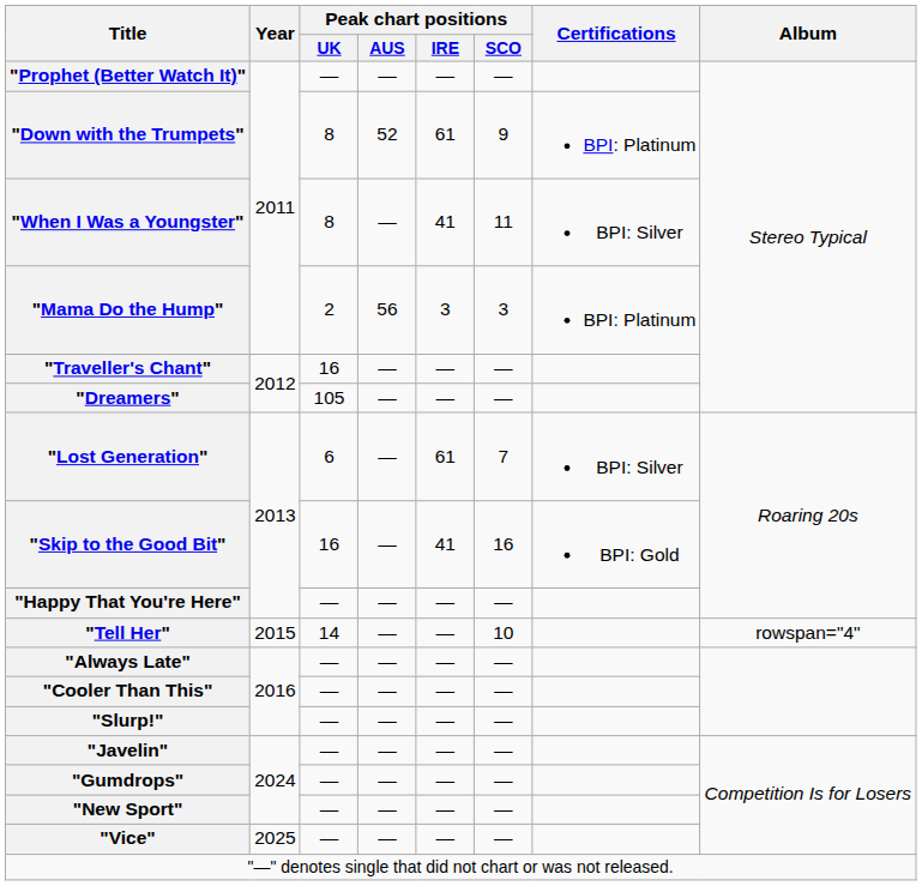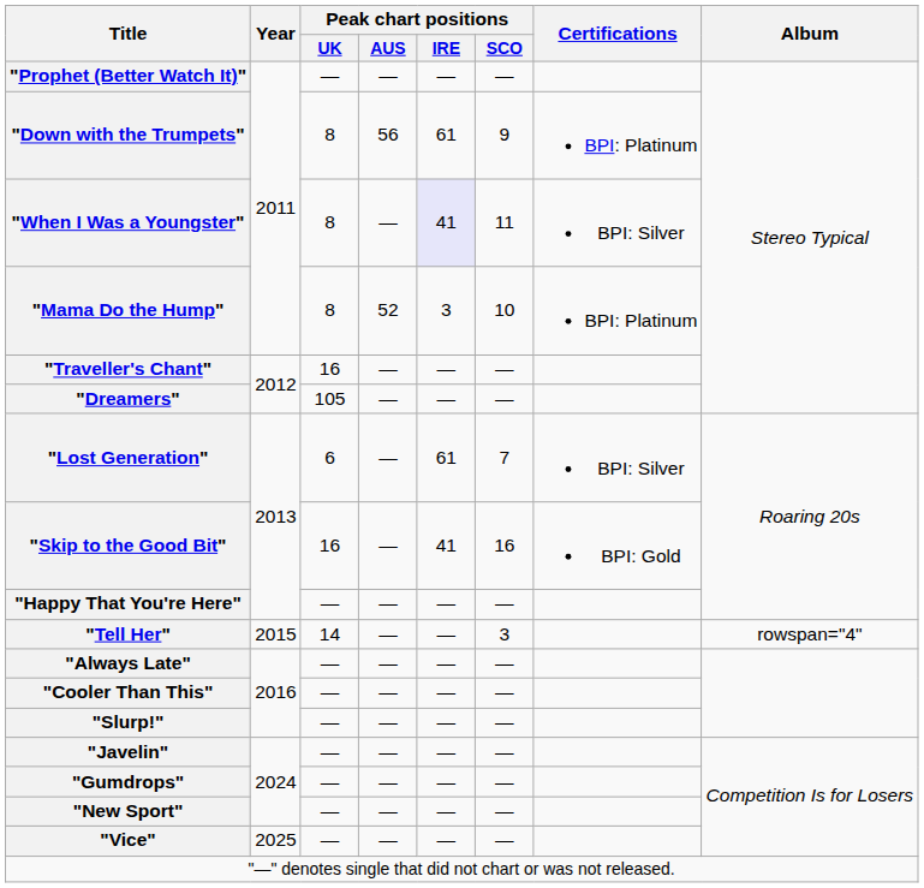 <table class="wikitable plainrowheaders" style="text-align:center;">
 <tr>
 <th scope="col" rowspan="2">Title</th>
 <th scope="col" rowspan="2">Year</th>
 <th scope="col" colspan="4">Peak chart positions</th>
 <th scope="col" rowspan="2"><a href='#'>Certifications</a></th>
 <th scope="col" rowspan="2">Album</th>
 </tr>
 <tr>
 <th scope="col" style="width:3em;font-size:90%;"><a href='#'>UK</a><br></th>
 <th scope="col" style="width:3em;font-size:90%;"><a href='#'>AUS</a><br></th>
 <th scope="col" style="width:3em;font-size:90%;"><a href='#'>IRE</a><br></th>
 <th scope="col" style="width:3em;font-size:90%;"><a href='#'>SCO</a><br></th>
 </tr>
 <tr>
 <th scope="row">"<a href='#'>Prophet (Better Watch It)</a>"</th>
 <td rowspan="4">2011</td>
 <td>—</td>
 <td>—</td>
 <td>—</td>
 <td>—</td>
 <td></td>
 <td rowspan="6"><em>Stereo Typical</em></td>
 </tr>
 <tr>
 <th scope="row">"<a href='#'>Down with the Trumpets</a>"</th>
 <td>8</td>
-<td>52</td>
+<td>56</td>
 <td>61</td>
 <td>9</td>
 <td><br><ul><li><a href='#'>BPI</a>: Platinum</li></ul></td>
 </tr>
 <tr>
 <th scope="row">"<a href='#'>When I Was a Youngster</a>"</th>
 <td>8</td>
 <td>—</td>
-<td>41</td>
+<td style="background: lavender;">41</td>
 <td>11</td>
 <td><br><ul><li>BPI: Silver</li></ul></td>
 </tr>
 <tr>
 <th scope="row">"<a href='#'>Mama Do the Hump</a>"</th>
-<td>2</td>
-<td>56</td>
+<td>8</td>
+<td>52</td>
 <td>3</td>
-<td>3</td>
+<td>10</td>
 <td><br><ul><li>BPI: Platinum</li></ul></td>
 </tr>
 <tr>
 <th scope="row">"<a href='#'>Traveller's Chant</a>"</th>
 <td rowspan="2">2012</td>
 <td>16</td>
 <td>—</td>
 <td>—</td>
 <td>—</td>
 <td></td>
 </tr>
 <tr>
 <th scope="row">"<a href='#'>Dreamers</a>"</th>
 <td>105</td>
 <td>—</td>
 <td>—</td>
 <td>—</td>
 <td></td>
 </tr>
 <tr>
 <th scope="row">"<a href='#'>Lost Generation</a>"</th>
 <td rowspan="3">2013</td>
 <td>6</td>
 <td>—</td>
 <td>61</td>
 <td>7</td>
 <td><br><ul><li>BPI: Silver</li></ul></td>
 <td rowspan="3"><em>Roaring 20s</em></td>
 </tr>
 <tr>
 <th scope="row">"<a href='#'>Skip to the Good Bit</a>"</th>
 <td>16</td>
 <td>—</td>
 <td>41</td>
 <td>16</td>
 <td><br><ul><li>BPI: Gold</li></ul></td>
 </tr>
 <tr>
 <th scope="row">"Happy That You're Here"</th>
 <td>—</td>
 <td>—</td>
 <td>—</td>
 <td>—</td>
 <td></td>
 </tr>
 <tr>
 <th scope="row">"<a href='#'>Tell Her</a>"</th>
 <td>2015</td>
 <td>14</td>
 <td>—</td>
 <td>—</td>
-<td>10</td>
+<td>3</td>
 <td></td>
 <td>rowspan="4" </td>
 </tr>
 <tr>
 <th scope="row">"Always Late"</th>
 <td rowspan="3">2016</td>
 <td>—</td>
 <td>—</td>
 <td>—</td>
 <td>—</td>
 <td></td>
 </tr>
 <tr>
 <th scope="row">"Cooler Than This"</th>
 <td>—</td>
 <td>—</td>
 <td>—</td>
 <td>—</td>
 <td></td>
 </tr>
 <tr>
 <th scope="row">"Slurp!"</th>
 <td>—</td>
 <td>—</td>
 <td>—</td>
 <td>—</td>
 <td></td>
 </tr>
 <tr>
 <th scope="row">"Javelin"</th>
 <td rowspan="3">2024</td>
 <td>—</td>
 <td>—</td>
 <td>—</td>
 <td>—</td>
 <td></td>
 <td rowspan="4"><em>Competition Is for Losers</em></td>
 </tr>
 <tr>
 <th scope="row">"Gumdrops"</th>
 <td>—</td>
 <td>—</td>
 <td>—</td>
 <td>—</td>
 <td></td>
 </tr>
 <tr>
 <th scope="row">"New Sport"</th>
 <td>—</td>
 <td>—</td>
 <td>—</td>
 <td>—</td>
 <td></td>
 </tr>
 <tr>
 <th scope="row">"Vice"</th>
 <td>2025</td>
 <td>—</td>
 <td>—</td>
 <td>—</td>
 <td>—</td>
 <td></td>
 </tr>
 <tr>
 <td colspan="14" style="text-align:center; font-size:90%;">"—" denotes single that did not chart or was not released.</td>
 </tr>
 </table>
